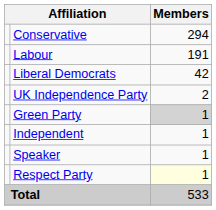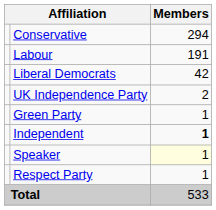 <table class="wikitable">
 <tr>
 <th colspan="2">Affiliation</th>
 <th>Members</th>
 </tr>
 <tr>
 <td style="color:inherit;background:"></td>
 <td><a href='#'>Conservative</a></td>
 <td align="right">294</td>
 </tr>
 <tr>
 <td style="color:inherit;background:"></td>
 <td><a href='#'>Labour</a></td>
 <td align="right">191</td>
 </tr>
 <tr>
 <td style="color:inherit;background:"></td>
 <td><a href='#'>Liberal Democrats</a></td>
 <td align="right">42</td>
 </tr>
 <tr>
 <td style="color:inherit;background:"></td>
 <td><a href='#'>UK Independence Party</a></td>
 <td align="right">2</td>
 </tr>
 <tr>
 <td style="color:inherit;background:"></td>
 <td><a href='#'>Green Party</a></td>
-<td align="right" style="background: lightgrey;">1</td>
+<td align="right">1</td>
 </tr>
 <tr>
 <td style="color:inherit;background:"></td>
 <td><a href='#'>Independent</a></td>
-<td align="right">1</td>
+<td align="right"><strong>1</strong></td>
 </tr>
 <tr>
 <td style="color:inherit;background:"></td>
 <td><a href='#'>Speaker</a></td>
-<td align="right">1</td>
+<td align="right" style="background: lightyellow;">1</td>
 </tr>
 <tr>
 <td style="color:inherit;background:"></td>
 <td><a href='#'>Respect Party</a></td>
-<td align="right" style="background: lightyellow;">1</td>
+<td align="right">1</td>
 </tr>
 <tr bgcolor="CCCCCC">
 <td colspan="2" rowspan="1"> <strong>Total</strong></td>
 <td align="right">533</td>
 </tr>
 <tr>
 </tr>
 </table>
